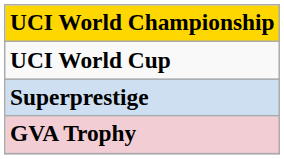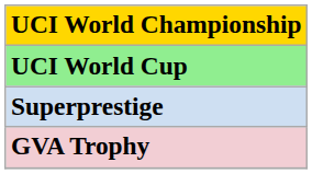 <table class= "wikitable" align= "center">
 <tr>
 <td style="background: #FFD700;"><strong>UCI World Championship</strong></td>
 </tr>
 <tr>
-<td><strong>UCI World Cup</strong></td>
+<td style="background: lightgreen;"><strong>UCI World Cup</strong></td>
 </tr>
 <tr>
 <td style= "background:#CEDFF2;"><strong>Superprestige</strong></td>
 </tr>
 <tr>
 <td style= "background:#F2CED4;"><strong>GVA Trophy</strong></td>
 </tr>
 <tr>
 </tr>
 </table>
